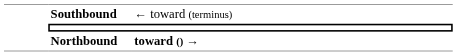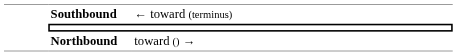 <table table border=0 cellspacing=0 cellpadding=3>
 <tr>
 <td style="border-top:solid 1px gray;border-bottom:solid 1px gray;" width=50 rowspan=3 valign=top></td>
 <td style="border-top:solid 1px gray;" width=100><strong>Southbound</strong></td>
 <td style="border-top:solid 1px gray;" width=400>←  toward  <small>(terminus)</small></td>
 </tr>
 <tr>
 <td style="border-top:solid 2px black;border-right:solid 2px black;border-left:solid 2px black;border-bottom:solid 2px black;text-align:center;" colspan=2></td>
 </tr>
 <tr>
 <td style="border-bottom:solid 1px gray;"><strong>Northbound</strong></td>
-<td style="border-bottom:solid 1px gray;"><strong> toward  <small>()</small> →</strong></td>
+<td style="border-bottom:solid 1px gray;"> toward  <small>()</small> →</td>
 </tr>
 </table>
